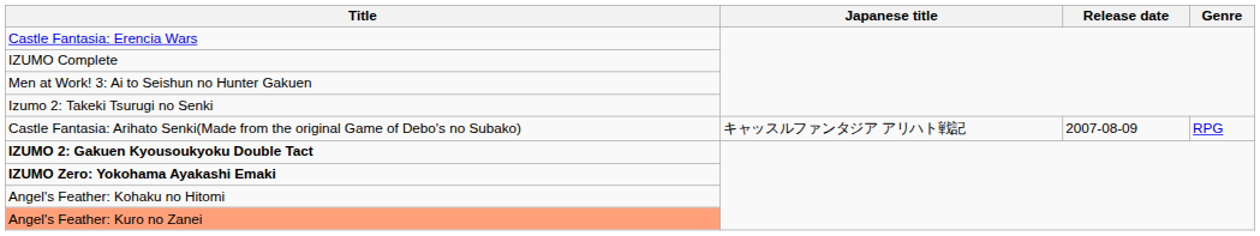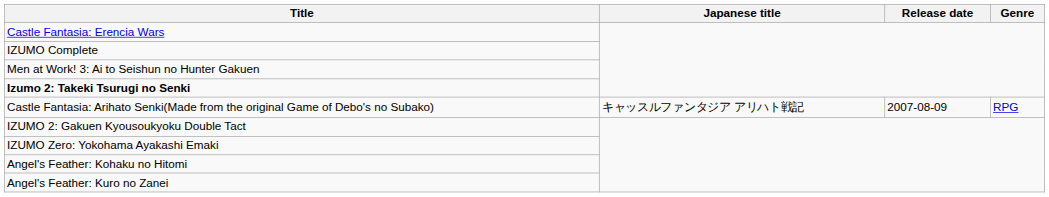 <table class="wikitable sortable" border="1" width="90%">
 <tr>
 <th>Title</th>
 <th>Japanese title</th>
 <th>Release date</th>
 <th>Genre</th>
 </tr>
 <tr>
 <td><a href='#'>Castle Fantasia: Erencia Wars</a></td>
 </tr>
 <tr>
 <td>IZUMO Complete</td>
 </tr>
 <tr>
 <td>Men at Work! 3: Ai to Seishun no Hunter Gakuen</td>
 </tr>
 <tr>
-<td>Izumo 2: Takeki Tsurugi no Senki</td>
+<td><strong>Izumo 2: Takeki Tsurugi no Senki</strong></td>
 </tr>
 <tr>
 <td>Castle Fantasia: Arihato Senki(Made from the original Game of Debo's no Subako)</td>
 <td>キャッスルファンタジア アリハト戦記</td>
 <td>2007-08-09</td>
 <td><a href='#'>RPG</a></td>
 </tr>
 <tr>
-<td><strong>IZUMO 2: Gakuen Kyousoukyoku Double Tact</strong></td>
+<td>IZUMO 2: Gakuen Kyousoukyoku Double Tact</td>
 </tr>
 <tr>
-<td><strong>IZUMO Zero: Yokohama Ayakashi Emaki</strong></td>
+<td>IZUMO Zero: Yokohama Ayakashi Emaki</td>
 </tr>
 <tr>
 <td>Angel's Feather: Kohaku no Hitomi</td>
 </tr>
 <tr>
-<td style="background: lightsalmon;">Angel's Feather: Kuro no Zanei</td>
+<td>Angel's Feather: Kuro no Zanei</td>
 </tr>
 </table>
